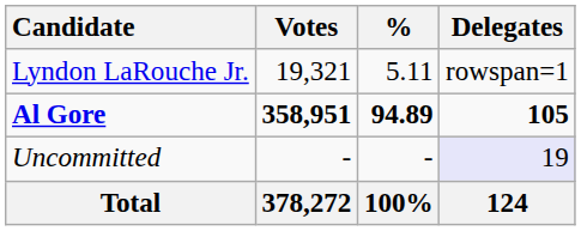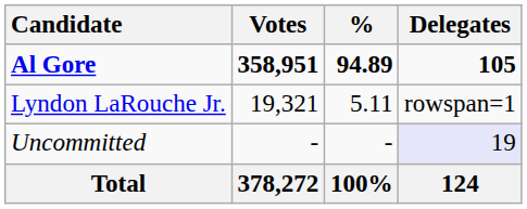 <table class="wikitable sortable" style="text-align:right;">
 <tr>
 <th style="text-align:left;">Candidate</th>
 <th>Votes</th>
 <th>%</th>
 <th>Delegates</th>
 </tr>
 <tr>
+<td style="text-align:left;" data-sort-name="Gore, Al"><strong><a href='#'>Al Gore</a></strong></td>
+<td><strong>358,951</strong></td>
+<td><strong>94.89</strong></td>
+<td><strong>105</strong></td>
+</tr>
+<tr>
 <td style="text-align:left;" data-sort-name="LaRouche, Lyndon"><a href='#'>Lyndon LaRouche Jr.</a></td>
 <td>19,321</td>
 <td>5.11</td>
 <td>rowspan=1 </td>
-</tr>
-<tr>
-<td style="text-align:left;" data-sort-name="Gore, Al"><strong><a href='#'>Al Gore</a></strong></td>
-<td><strong>358,951</strong></td>
-<td><strong>94.89</strong></td>
-<td><strong>105</strong></td>
 </tr>
 <tr>
 <td style="text-align:left;" data-sort-value="ZZZ"><em>Uncommitted</em></td>
 <td>-</td>
 <td>-</td>
 <td style="background: lavender;">19</td>
 </tr>
 <tr>
 <th>Total</th>
 <th>378,272</th>
 <th>100%</th>
 <th>124</th>
 </tr>
 </table>
